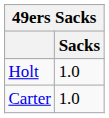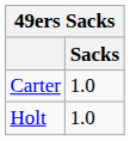 <table class="wikitable">
 <tr>
 <th colspan="2">49ers Sacks</th>
 </tr>
 <tr>
 <th></th>
 <th>Sacks</th>
 </tr>
 <tr>
+<td><a href='#'>Carter</a></td>
+<td>1.0</td>
+</tr>
+<tr>
 <td><a href='#'>Holt</a></td>
 <td>1.0</td>
 </tr>
-<tr>
-<td><a href='#'>Carter</a></td>
-<td>1.0</td>
-</tr>
 </table>
